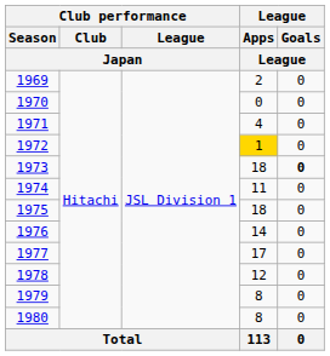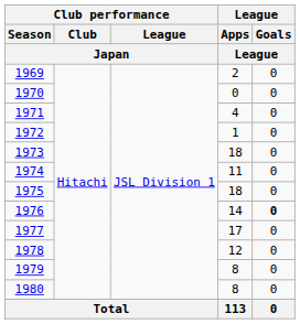 <table class="wikitable" style="text-align:center;">
 <tr>
 <th colspan=3>Club performance</th>
 <th colspan=2>League</th>
 </tr>
 <tr>
 <th>Season</th>
 <th>Club</th>
 <th>League</th>
 <th>Apps</th>
 <th>Goals</th>
 </tr>
 <tr>
 <th colspan=3>Japan</th>
 <th colspan=2>League</th>
 </tr>
 <tr>
 <td><a href='#'>1969</a></td>
 <td rowspan="12"><a href='#'>Hitachi</a></td>
 <td rowspan="12"><a href='#'>JSL Division 1</a></td>
 <td>2</td>
 <td>0</td>
 </tr>
 <tr>
 <td><a href='#'>1970</a></td>
 <td>0</td>
 <td>0</td>
 </tr>
 <tr>
 <td><a href='#'>1971</a></td>
 <td>4</td>
 <td>0</td>
 </tr>
 <tr>
 <td><a href='#'>1972</a></td>
-<td style="background: gold;">1</td>
+<td>1</td>
 <td>0</td>
 </tr>
 <tr>
 <td><a href='#'>1973</a></td>
 <td>18</td>
-<td><strong>0</strong></td>
+<td>0</td>
 </tr>
 <tr>
 <td><a href='#'>1974</a></td>
 <td>11</td>
 <td>0</td>
 </tr>
 <tr>
 <td><a href='#'>1975</a></td>
 <td>18</td>
 <td>0</td>
 </tr>
 <tr>
 <td><a href='#'>1976</a></td>
 <td>14</td>
-<td>0</td>
+<td><strong>0</strong></td>
 </tr>
 <tr>
 <td><a href='#'>1977</a></td>
 <td>17</td>
 <td>0</td>
 </tr>
 <tr>
 <td><a href='#'>1978</a></td>
 <td>12</td>
 <td>0</td>
 </tr>
 <tr>
 <td><a href='#'>1979</a></td>
 <td>8</td>
 <td>0</td>
 </tr>
 <tr>
 <td><a href='#'>1980</a></td>
 <td>8</td>
 <td>0</td>
 </tr>
 <tr>
 <th colspan=3>Total</th>
 <th>113</th>
 <th>0</th>
 </tr>
 </table>
